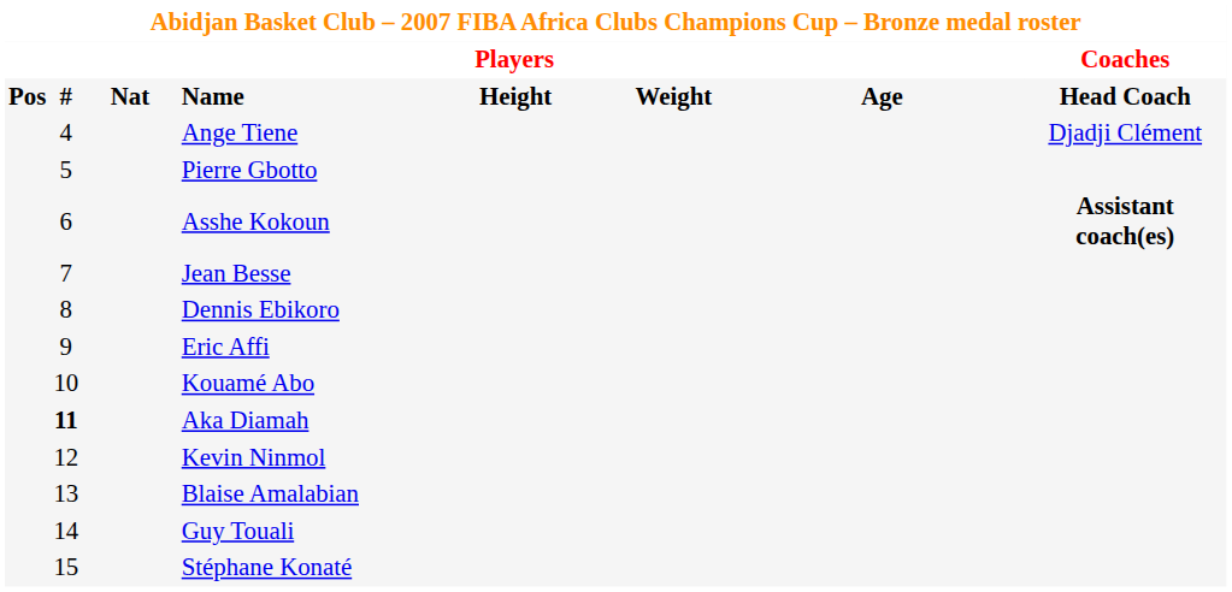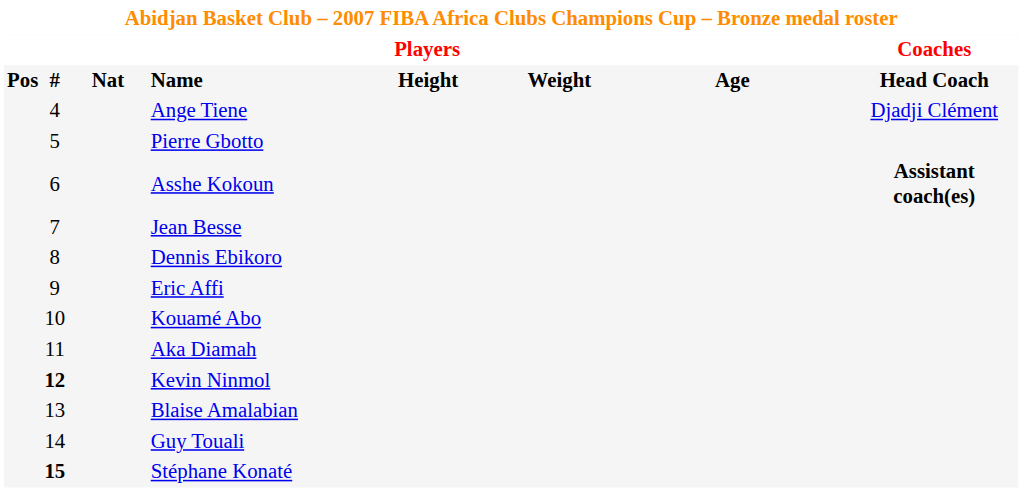 <table border=0 cellpadding=2 cellspacing=0  |- bgcolor=#f5f5f5 style="text-align:center; font-size:85%;" width=75%>
 <tr>
 <td colspan="8" style="background: white; color: #ff8c00"><strong>Abidjan Basket Club – 2007 FIBA Africa Clubs Champions Cup – Bronze medal roster</strong></td>
 </tr>
 <tr>
 <td colspan="7" style="background: white; color: red"><strong>Players</strong></td>
 <td style="background: white; color: red"><strong>Coaches</strong></td>
 </tr>
 <tr style="background=#f5f5f5; color: black">
 <th width=5px>Pos</th>
 <th width=5px>#</th>
 <th width=50px>Nat</th>
 <th width=135px align=left>Name</th>
 <th width=100px>Height</th>
 <th width=70px>Weight</th>
 <th width=160px>Age</th>
 <th width=110px>Head Coach</th>
 </tr>
 <tr>
 <td></td>
 <td>4</td>
 <td></td>
 <td align=left><a href='#'>Ange Tiene</a></td>
 <td></td>
 <td></td>
 <td><span></span></td>
 <td> <a href='#'>Djadji Clément</a></td>
 </tr>
 <tr>
 <td></td>
 <td>5</td>
 <td></td>
 <td align=left><a href='#'>Pierre Gbotto</a></td>
 <td></td>
 <td></td>
 <td><span></span></td>
 </tr>
 <tr>
 <td></td>
 <td>6</td>
 <td></td>
 <td align=left><a href='#'>Asshe Kokoun</a></td>
 <td></td>
 <td></td>
 <td><span></span></td>
 <td><strong>Assistant coach(es)</strong></td>
 </tr>
 <tr>
 <td></td>
 <td>7</td>
 <td></td>
 <td align=left><a href='#'>Jean Besse</a></td>
 <td></td>
 <td></td>
 <td><span></span></td>
 <td></td>
 </tr>
 <tr>
 <td></td>
 <td>8</td>
 <td></td>
 <td align=left><a href='#'>Dennis Ebikoro</a></td>
 <td></td>
 <td></td>
 <td><span></span></td>
 </tr>
 <tr>
 <td></td>
 <td>9</td>
 <td></td>
 <td align=left><a href='#'>Eric Affi</a></td>
 <td></td>
 <td></td>
 <td><span></span></td>
 </tr>
 <tr>
 <td></td>
 <td>10</td>
 <td></td>
 <td align=left><a href='#'>Kouamé Abo</a></td>
 <td></td>
 <td></td>
 <td><span></span></td>
 </tr>
 <tr>
 <td></td>
-<td><strong>11</strong></td>
+<td>11</td>
 <td></td>
 <td align=left><a href='#'>Aka Diamah</a></td>
 <td></td>
 <td></td>
 <td><span></span></td>
 </tr>
 <tr>
 <td></td>
-<td>12</td>
+<td><strong>12</strong></td>
 <td></td>
 <td align=left><a href='#'>Kevin Ninmol</a></td>
 <td></td>
 <td></td>
 <td><span></span></td>
 </tr>
 <tr>
 <td></td>
 <td>13</td>
 <td></td>
 <td align=left><a href='#'>Blaise Amalabian</a></td>
 <td></td>
 <td></td>
 <td><span></span></td>
 </tr>
 <tr>
 <td></td>
 <td>14</td>
 <td></td>
 <td align=left><a href='#'>Guy Touali</a></td>
 <td></td>
 <td></td>
 <td><span></span></td>
 </tr>
 <tr>
 <td></td>
-<td>15</td>
+<td><strong>15</strong></td>
 <td></td>
 <td align=left><a href='#'>Stéphane Konaté</a></td>
 <td><span></span></td>
 <td><span></span></td>
 <td><span></span></td>
 </tr>
 </table>
